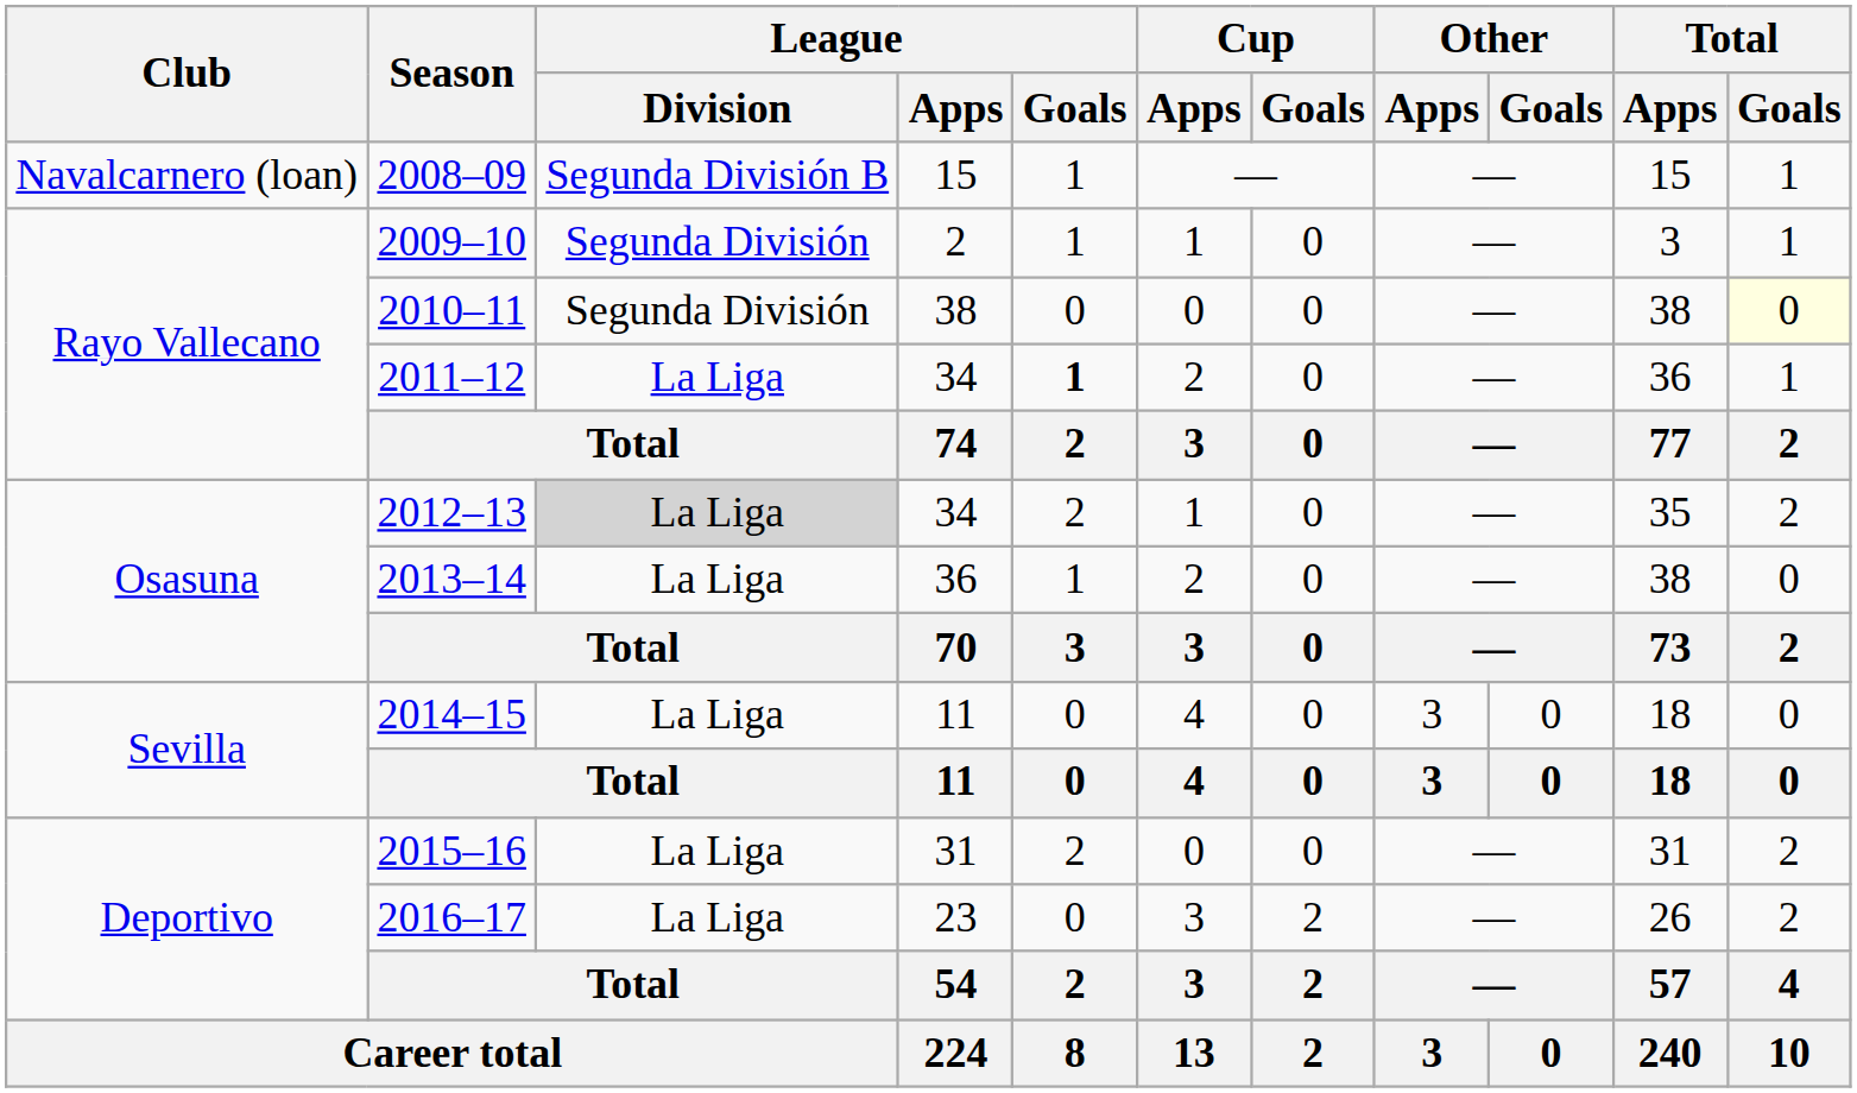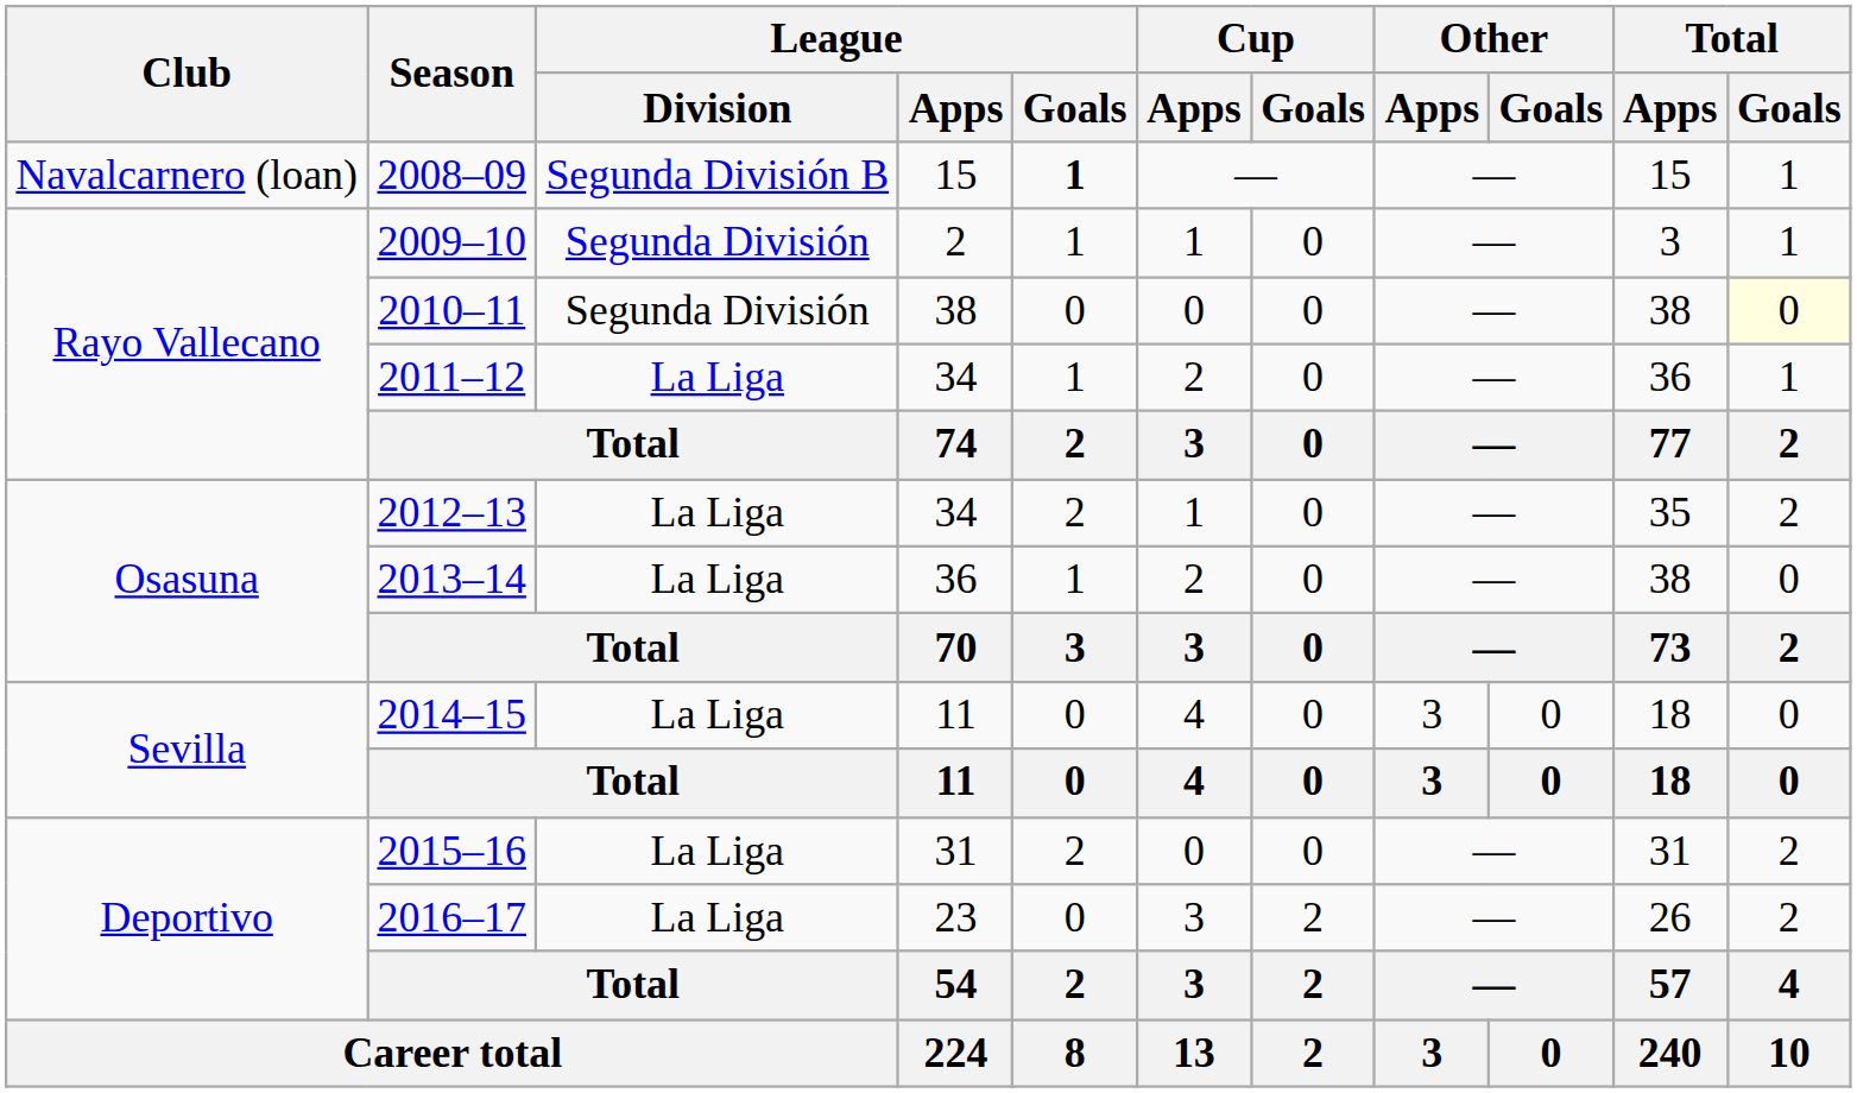 <table class="wikitable" style="text-align: center;">
 <tr>
 <th rowspan="2">Club</th>
 <th rowspan="2">Season</th>
 <th colspan="3">League</th>
 <th colspan="2">Cup</th>
 <th colspan="2">Other</th>
 <th colspan="2">Total</th>
 </tr>
 <tr>
 <th>Division</th>
 <th>Apps</th>
 <th>Goals</th>
 <th>Apps</th>
 <th>Goals</th>
 <th>Apps</th>
 <th>Goals</th>
 <th>Apps</th>
 <th>Goals</th>
 </tr>
 <tr>
 <td rowspan="1"><a href='#'>Navalcarnero</a> (loan)</td>
 <td><a href='#'>2008–09</a></td>
 <td><a href='#'>Segunda División B</a></td>
 <td>15</td>
-<td>1</td>
+<td><strong>1</strong></td>
 <td colspan="2">—</td>
 <td colspan="2">—</td>
 <td>15</td>
 <td>1</td>
 </tr>
 <tr>
 <td rowspan="4"><a href='#'>Rayo Vallecano</a></td>
 <td><a href='#'>2009–10</a></td>
 <td><a href='#'>Segunda División</a></td>
 <td>2</td>
 <td>1</td>
 <td>1</td>
 <td>0</td>
 <td colspan="2">—</td>
 <td>3</td>
 <td>1</td>
 </tr>
 <tr>
 <td><a href='#'>2010–11</a></td>
 <td>Segunda División</td>
 <td>38</td>
 <td>0</td>
 <td>0</td>
 <td>0</td>
 <td colspan="2">—</td>
 <td>38</td>
 <td style="background: lightyellow;">0</td>
 </tr>
 <tr>
 <td><a href='#'>2011–12</a></td>
 <td><a href='#'>La Liga</a></td>
 <td>34</td>
-<td><strong>1</strong></td>
+<td>1</td>
 <td>2</td>
 <td>0</td>
 <td colspan="2">—</td>
 <td>36</td>
 <td>1</td>
 </tr>
 <tr>
 <th colspan="2">Total</th>
 <th>74</th>
 <th>2</th>
 <th>3</th>
 <th>0</th>
 <th colspan="2">—</th>
 <th>77</th>
 <th>2</th>
 </tr>
 <tr>
 <td rowspan="3"><a href='#'>Osasuna</a></td>
 <td><a href='#'>2012–13</a></td>
-<td style="background: lightgrey;">La Liga</td>
+<td>La Liga</td>
 <td>34</td>
 <td>2</td>
 <td>1</td>
 <td>0</td>
 <td colspan="2">—</td>
 <td>35</td>
 <td>2</td>
 </tr>
 <tr>
 <td><a href='#'>2013–14</a></td>
 <td>La Liga</td>
 <td>36</td>
 <td>1</td>
 <td>2</td>
 <td>0</td>
 <td colspan="2">—</td>
 <td>38</td>
 <td>0</td>
 </tr>
 <tr>
 <th colspan="2">Total</th>
 <th>70</th>
 <th>3</th>
 <th>3</th>
 <th>0</th>
 <th colspan="2">—</th>
 <th>73</th>
 <th>2</th>
 </tr>
 <tr>
 <td rowspan="2"><a href='#'>Sevilla</a></td>
 <td><a href='#'>2014–15</a></td>
 <td>La Liga</td>
 <td>11</td>
 <td>0</td>
 <td>4</td>
 <td>0</td>
 <td>3</td>
 <td>0</td>
 <td>18</td>
 <td>0</td>
 </tr>
 <tr>
 <th colspan="2">Total</th>
 <th>11</th>
 <th>0</th>
 <th>4</th>
 <th>0</th>
 <th>3</th>
 <th>0</th>
 <th>18</th>
 <th>0</th>
 </tr>
 <tr>
 <td rowspan="3"><a href='#'>Deportivo</a></td>
 <td><a href='#'>2015–16</a></td>
 <td>La Liga</td>
 <td>31</td>
 <td>2</td>
 <td>0</td>
 <td>0</td>
 <td colspan="2">—</td>
 <td>31</td>
 <td>2</td>
 </tr>
 <tr>
 <td><a href='#'>2016–17</a></td>
 <td>La Liga</td>
 <td>23</td>
 <td>0</td>
 <td>3</td>
 <td>2</td>
 <td colspan="2">—</td>
 <td>26</td>
 <td>2</td>
 </tr>
 <tr>
 <th colspan="2">Total</th>
 <th>54</th>
 <th>2</th>
 <th>3</th>
 <th>2</th>
 <th colspan="2">—</th>
 <th>57</th>
 <th>4</th>
 </tr>
 <tr>
 <th colspan="3">Career total</th>
 <th>224</th>
 <th>8</th>
 <th>13</th>
 <th>2</th>
 <th>3</th>
 <th>0</th>
 <th>240</th>
 <th>10</th>
 </tr>
 </table>
